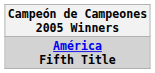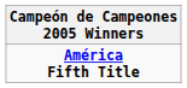 <table class="wikitable" style="text-align: center; margin: 0 auto;">
 <tr>
 <th>Campeón de Campeones<br>2005 Winners</th>
 </tr>
 <tr>
-<td style="background: lightgrey;"><strong><a href='#'>América</a></strong><br><strong>Fifth Title</strong></td>
+<td><strong><a href='#'>América</a></strong><br><strong>Fifth Title</strong></td>
 </tr>
 </table>
